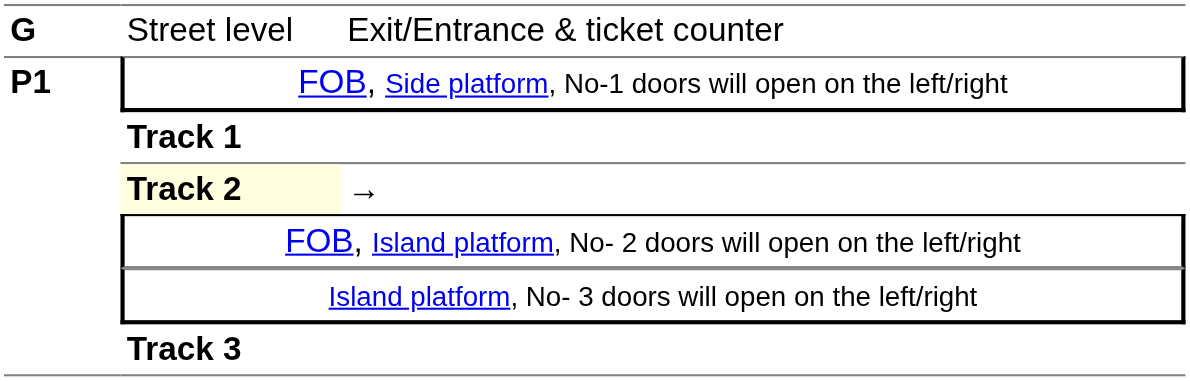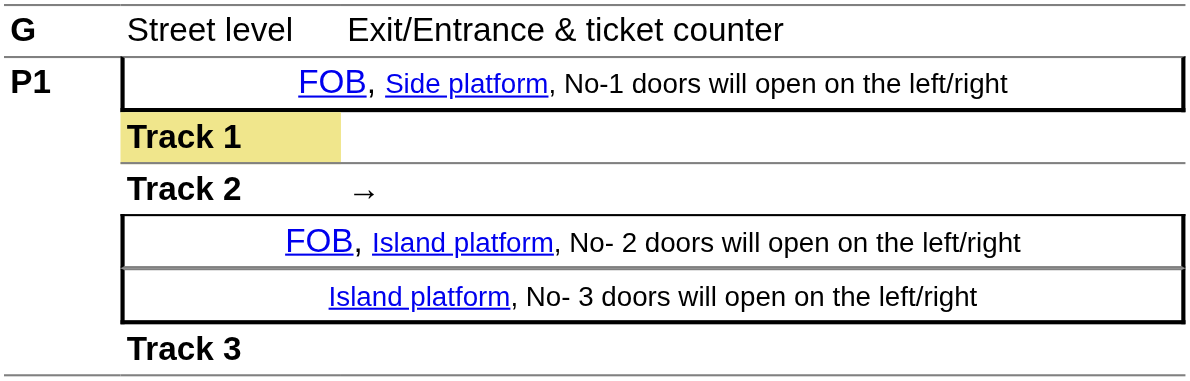 <table table border=0 cellspacing=0 cellpadding=3>
 <tr>
 <td style="border-top:solid 1px gray;" width=50 valign=top><strong>G</strong></td>
 <td style="border-top:solid 1px gray;" width=100 valign=top>Street level</td>
 <td style="border-top:solid 1px gray;" width=400 valign=top>Exit/Entrance & ticket counter</td>
 </tr>
 <tr>
 <td style="border-top:solid 1px gray;border-bottom:solid 1px gray;" width=50 rowspan=6 valign=top><strong>P1</strong></td>
 <td style="border-top:solid 1px gray;border-right:solid 2px black;border-left:solid 2px black;border-bottom:solid 2px black;text-align:center;" colspan=2><a href='#'>FOB</a>, <small><a href='#'>Side platform</a>, No-1 doors will open on the left/right</small></td>
 </tr>
 <tr>
-<td style="border-bottom:solid 1px gray;" width=100><strong>Track 1</strong></td>
+<td style="background: khaki; border-bottom:solid 1px gray;" width=100><strong>Track 1</strong></td>
 <td style="border-bottom:solid 1px gray;" width=400></td>
 </tr>
 <tr>
-<td style="background: lightyellow;"><strong>Track 2</strong></td>
+<td><strong>Track 2</strong></td>
 <td><span>→</span></td>
 </tr>
 <tr>
 <td style="border-top:solid 1px black;border-right:solid 2px black;border-left:solid 2px black;border-bottom:solid 1px gray;text-align:center;" colspan=2><a href='#'>FOB</a>, <small><a href='#'>Island platform</a>, No- 2 doors will open on the left/right</small></td>
 </tr>
 <tr>
 <td style="border-top:solid 1px gray;border-right:solid 2px black;border-left:solid 2px black;border-bottom:solid 2px black;text-align:center;" colspan=2><small><a href='#'>Island platform</a>, No- 3 doors will open on the left/right</small></td>
 </tr>
 <tr>
 <td style="border-bottom:solid 1px gray;" width=100><strong>Track 3</strong></td>
 <td style="border-bottom:solid 1px gray;" width=400></td>
 </tr>
 <tr>
 </tr>
 </table>
